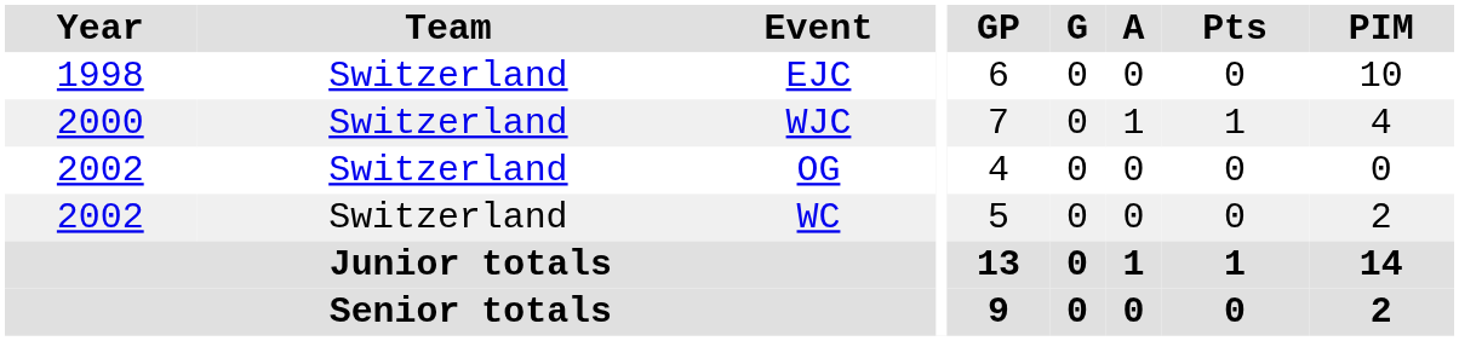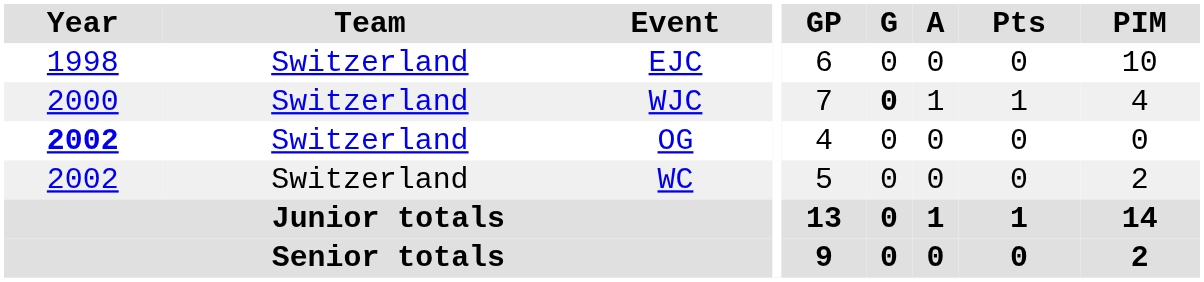 <table border="0" cellpadding="1" cellspacing="0" ID="Table3" style="text-align:center; width:40em">
 <tr ALIGN="center" bgcolor="#e0e0e0">
 <th>Year</th>
 <th>Team</th>
 <th>Event</th>
 <th rowspan="99" bgcolor="#ffffff"></th>
 <th>GP</th>
 <th>G</th>
 <th>A</th>
 <th>Pts</th>
 <th>PIM</th>
 </tr>
 <tr>
 <td><a href='#'>1998</a></td>
 <td><a href='#'>Switzerland</a></td>
 <td><a href='#'>EJC</a></td>
 <td>6</td>
 <td>0</td>
 <td>0</td>
 <td>0</td>
 <td>10</td>
 </tr>
 <tr bgcolor="#f0f0f0">
 <td><a href='#'>2000</a></td>
 <td><a href='#'>Switzerland</a></td>
 <td><a href='#'>WJC</a></td>
 <td>7</td>
-<td>0</td>
+<td><strong>0</strong></td>
 <td>1</td>
 <td>1</td>
 <td>4</td>
 </tr>
 <tr>
-<td><a href='#'>2002</a></td>
+<td><strong><a href='#'>2002</a></strong></td>
 <td><a href='#'>Switzerland</a></td>
 <td><a href='#'>OG</a></td>
 <td>4</td>
 <td>0</td>
 <td>0</td>
 <td>0</td>
 <td>0</td>
 </tr>
 <tr bgcolor="#f0f0f0">
 <td><a href='#'>2002</a></td>
 <td>Switzerland</td>
 <td><a href='#'>WC</a></td>
 <td>5</td>
 <td>0</td>
 <td>0</td>
 <td>0</td>
 <td>2</td>
 </tr>
 <tr bgcolor="#e0e0e0">
 <th colspan="3">Junior totals</th>
 <th>13</th>
 <th>0</th>
 <th>1</th>
 <th>1</th>
 <th>14</th>
 </tr>
 <tr bgcolor="#e0e0e0">
 <th colspan="3">Senior totals</th>
 <th>9</th>
 <th>0</th>
 <th>0</th>
 <th>0</th>
 <th>2</th>
 </tr>
 </table>
